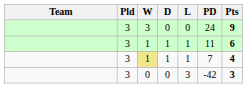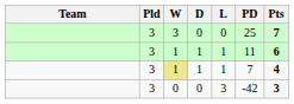 <table class="wikitable" style="text-align:center;">
 <tr>
 <th width=175>Team</th>
 <th width=25 abbr="Played">Pld</th>
 <th width=25 abbr="Won">W</th>
 <th width=25 abbr="Drawn">D</th>
 <th width=25 abbr="Lost">L</th>
 <th width=32 abbr="Points difference">PD</th>
 <th width=25 abbr="Points">Pts</th>
 </tr>
 <tr style="background:#cfc;">
 <td align=left></td>
 <td>3</td>
 <td>3</td>
 <td>0</td>
 <td>0</td>
-<td>24</td>
-<td><strong>9</strong></td>
+<td>25</td>
+<td><strong>7</strong></td>
 </tr>
 <tr style="background:#cfc;">
 <td align=left></td>
 <td>3</td>
 <td>1</td>
 <td>1</td>
 <td>1</td>
 <td>11</td>
 <td><strong>6</strong></td>
 </tr>
 <tr>
 <td align=left></td>
 <td>3</td>
 <td style="background: khaki;">1</td>
 <td>1</td>
 <td>1</td>
 <td>7</td>
 <td><strong>4</strong></td>
 </tr>
 <tr>
 <td align=left></td>
 <td>3</td>
 <td>0</td>
 <td>0</td>
 <td>3</td>
 <td>-42</td>
 <td><strong>3</strong></td>
 </tr>
 </table>
